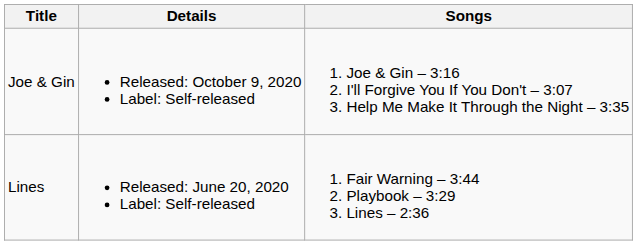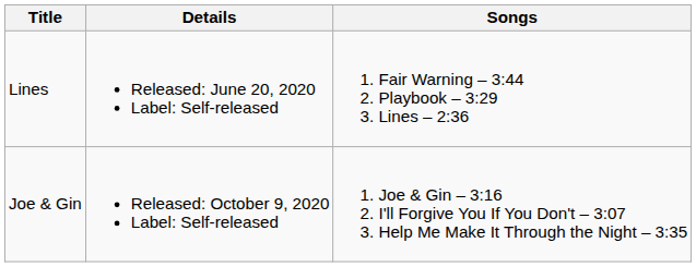 <table class="wikitable">
 <tr>
 <th>Title</th>
 <th>Details</th>
 <th>Songs</th>
 </tr>
 <tr>
+<td>Lines</td>
+<td><br><ul><li>Released: June 20, 2020</li><li>Label: Self-released</li></ul></td>
+<td><br><ol><li>Fair Warning – 3:44</li><li>Playbook – 3:29</li><li>Lines – 2:36</li></ol></td>
+</tr>
+<tr>
 <td>Joe & Gin</td>
 <td><br><ul><li>Released: October 9, 2020</li><li>Label: Self-released</li></ul></td>
 <td><br><ol><li>Joe & Gin – 3:16</li><li>I'll Forgive You If You Don't – 3:07</li><li>Help Me Make It Through the Night – 3:35</li></ol></td>
 </tr>
-<tr>
-<td>Lines</td>
-<td><br><ul><li>Released: June 20, 2020</li><li>Label: Self-released</li></ul></td>
-<td><br><ol><li>Fair Warning – 3:44</li><li>Playbook – 3:29</li><li>Lines – 2:36</li></ol></td>
-</tr>
 </table>
